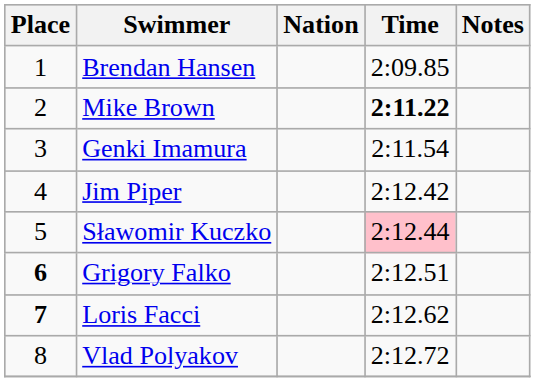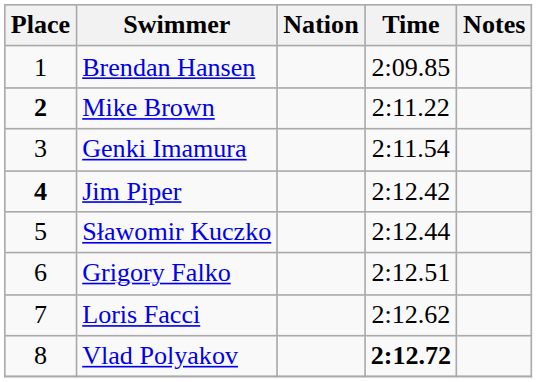 <table class="wikitable sortable" style="text-align:center">
 <tr>
 <th>Place</th>
 <th>Swimmer</th>
 <th>Nation</th>
 <th>Time</th>
 <th>Notes</th>
 </tr>
 <tr>
 <td>1</td>
 <td align=left><a href='#'>Brendan Hansen</a></td>
 <td align=left></td>
 <td>2:09.85</td>
 <td></td>
 </tr>
 <tr>
-<td>2</td>
+<td><strong>2</strong></td>
 <td align=left><a href='#'>Mike Brown</a></td>
 <td align=left></td>
-<td><strong>2:11.22</strong></td>
+<td>2:11.22</td>
 <td></td>
 </tr>
 <tr>
 <td>3</td>
 <td align=left><a href='#'>Genki Imamura</a></td>
 <td align=left></td>
 <td>2:11.54</td>
 <td></td>
 </tr>
 <tr>
-<td>4</td>
+<td><strong>4</strong></td>
 <td align=left><a href='#'>Jim Piper</a></td>
 <td align=left></td>
 <td>2:12.42</td>
 <td></td>
 </tr>
 <tr>
 <td>5</td>
 <td align=left><a href='#'>Sławomir Kuczko</a></td>
 <td align=left></td>
-<td style="background: pink;">2:12.44</td>
+<td>2:12.44</td>
 <td></td>
 </tr>
 <tr>
-<td><strong>6</strong></td>
+<td>6</td>
 <td align=left><a href='#'>Grigory Falko</a></td>
 <td align=left></td>
 <td>2:12.51</td>
 <td></td>
 </tr>
 <tr>
-<td><strong>7</strong></td>
+<td>7</td>
 <td align=left><a href='#'>Loris Facci</a></td>
 <td align=left></td>
 <td>2:12.62</td>
 <td></td>
 </tr>
 <tr>
 <td>8</td>
 <td align=left><a href='#'>Vlad Polyakov</a></td>
 <td align=left></td>
-<td>2:12.72</td>
+<td><strong>2:12.72</strong></td>
 <td></td>
 </tr>
 <tr>
 </tr>
 </table>
